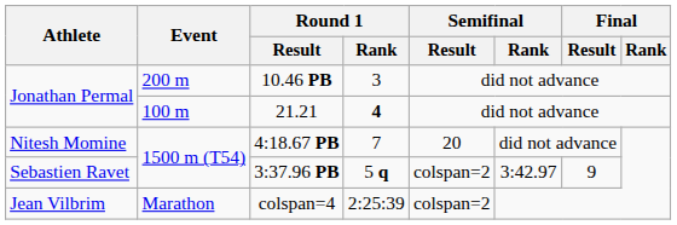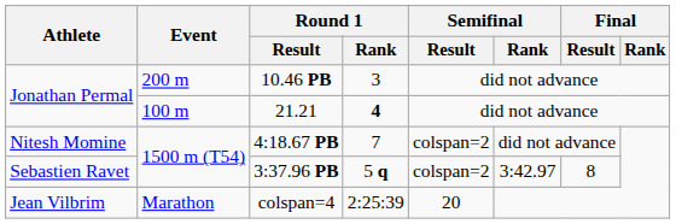 <table class=wikitable style="font-size:90%">
 <tr>
 <th rowspan="2">Athlete</th>
 <th rowspan="2">Event</th>
 <th colspan="2">Round 1</th>
 <th colspan="2">Semifinal</th>
 <th colspan="2">Final</th>
 </tr>
 <tr style="font-size:95%">
 <th>Result</th>
 <th>Rank</th>
 <th>Result</th>
 <th>Rank</th>
 <th>Result</th>
 <th>Rank</th>
 </tr>
 <tr align=center>
 <td align=left rowspan=2><a href='#'>Jonathan Permal</a></td>
 <td align=left><a href='#'>200 m</a></td>
 <td>10.46 <strong>PB</strong></td>
 <td>3</td>
 <td colspan="4">did not advance</td>
 </tr>
 <tr align=center>
 <td align=left><a href='#'>100 m</a></td>
 <td>21.21</td>
 <td><strong>4</strong></td>
 <td colspan="4">did not advance</td>
 </tr>
 <tr align=center>
 <td align=left><a href='#'>Nitesh Momine</a></td>
 <td align=left rowspan=2><a href='#'>1500 m (T54)</a></td>
 <td>4:18.67 <strong>PB</strong></td>
 <td>7</td>
-<td>20</td>
+<td>colspan=2 </td>
 <td colspan="2">did not advance</td>
 </tr>
 <tr align=center>
 <td align=left><a href='#'>Sebastien Ravet</a></td>
 <td>3:37.96 <strong>PB</strong></td>
 <td>5 <strong>q</strong></td>
 <td>colspan=2 </td>
 <td>3:42.97</td>
-<td>9</td>
+<td>8</td>
 </tr>
 <tr align=center>
 <td align=left><a href='#'>Jean Vilbrim</a></td>
 <td align=left><a href='#'>Marathon</a></td>
 <td>colspan=4 </td>
 <td>2:25:39</td>
-<td>colspan=2 </td>
+<td>20</td>
 </tr>
 </table>
